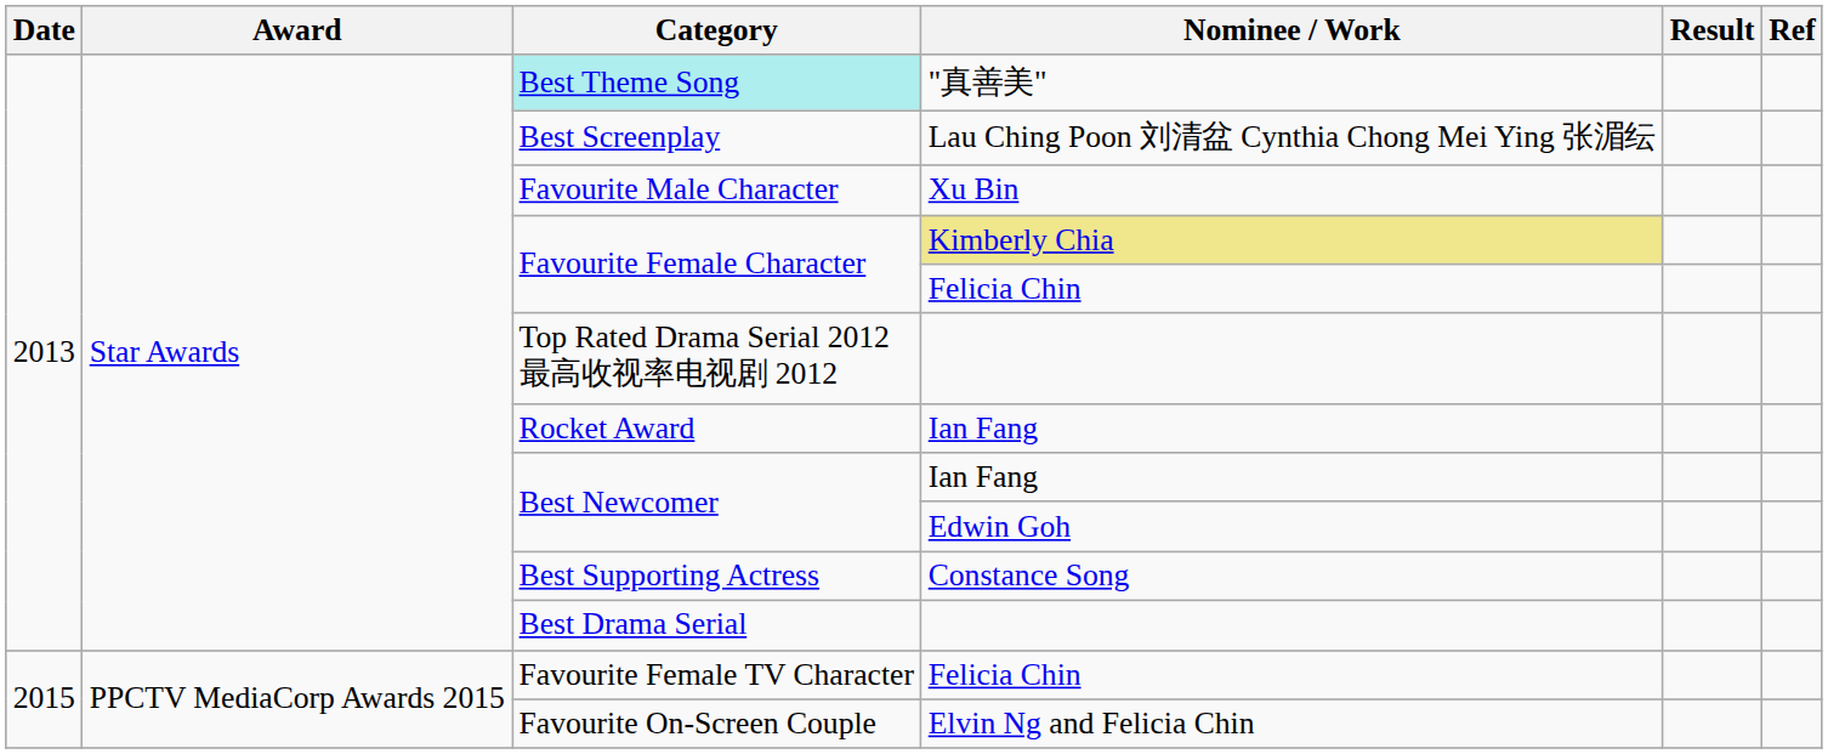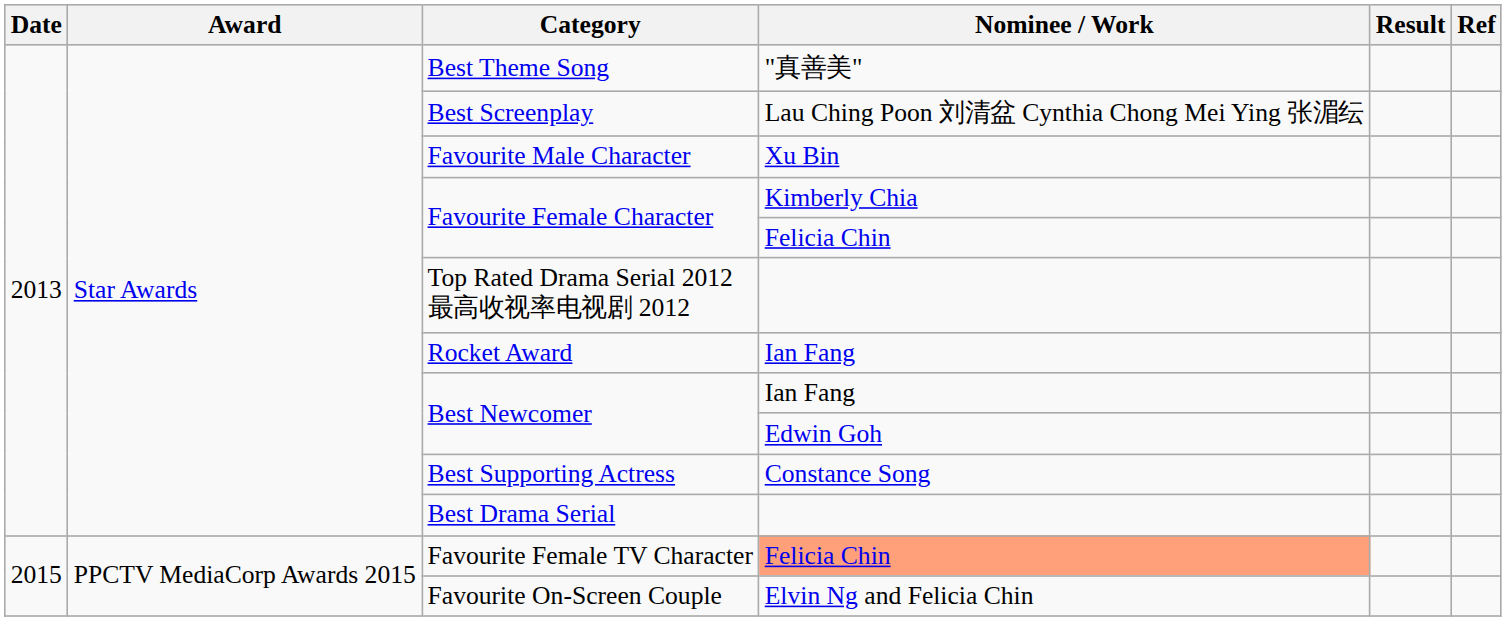 <table class="wikitable sortable">
 <tr>
 <th>Date</th>
 <th>Award</th>
 <th>Category</th>
 <th>Nominee / Work</th>
 <th class="unsortable">Result</th>
 <th>Ref</th>
 </tr>
 <tr>
 <td rowspan="11">2013</td>
 <td rowspan="11"><a href='#'>Star Awards</a></td>
-<td style="background: paleturquoise;"><a href='#'>Best Theme Song</a></td>
+<td><a href='#'>Best Theme Song</a></td>
 <td>"真善美"</td>
 <td></td>
 <td></td>
 </tr>
 <tr>
 <td><a href='#'>Best Screenplay</a></td>
 <td>Lau Ching Poon 刘清盆 Cynthia Chong Mei Ying 张湄纭</td>
 <td></td>
 <td></td>
 </tr>
 <tr>
 <td><a href='#'>Favourite Male Character</a></td>
 <td><a href='#'>Xu Bin</a></td>
 <td></td>
 <td></td>
 </tr>
 <tr>
 <td rowspan="2"><a href='#'>Favourite Female Character</a></td>
-<td style="background: khaki;"><a href='#'>Kimberly Chia</a></td>
+<td><a href='#'>Kimberly Chia</a></td>
 <td></td>
 <td></td>
 </tr>
 <tr>
 <td><a href='#'>Felicia Chin</a></td>
 <td></td>
 <td></td>
 </tr>
 <tr>
 <td>Top Rated Drama Serial 2012<br>最高收视率电视剧 2012</td>
 <td></td>
 <td></td>
 <td></td>
 </tr>
 <tr>
 <td><a href='#'>Rocket Award</a></td>
 <td><a href='#'>Ian Fang</a></td>
 <td></td>
 <td></td>
 </tr>
 <tr>
 <td rowspan="2"><a href='#'>Best Newcomer</a></td>
 <td>Ian Fang</td>
 <td></td>
 <td></td>
 </tr>
 <tr>
 <td><a href='#'>Edwin Goh</a></td>
 <td></td>
 <td></td>
 </tr>
 <tr>
 <td><a href='#'>Best Supporting Actress</a></td>
 <td><a href='#'>Constance Song</a></td>
 <td></td>
 <td></td>
 </tr>
 <tr>
 <td><a href='#'>Best Drama Serial</a></td>
 <td></td>
 <td></td>
 <td></td>
 </tr>
 <tr>
 <td rowspan="2">2015</td>
 <td rowspan="2">PPCTV MediaCorp Awards 2015</td>
 <td>Favourite Female TV Character</td>
-<td><a href='#'>Felicia Chin</a></td>
+<td style="background: lightsalmon;"><a href='#'>Felicia Chin</a></td>
 <td></td>
 <td></td>
 </tr>
 <tr>
 <td>Favourite On-Screen Couple</td>
 <td><a href='#'>Elvin Ng</a> and Felicia Chin</td>
 <td></td>
 <td></td>
 </tr>
 </table>
